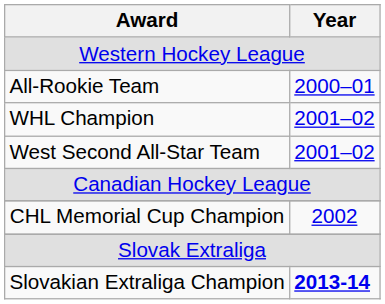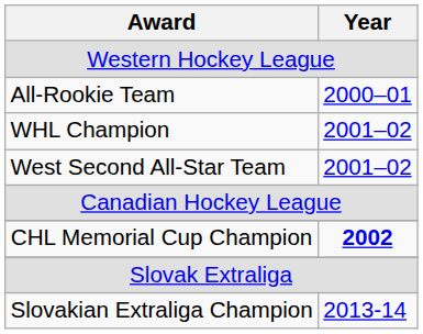 <table class="wikitable">
 <tr>
 <th>Award</th>
 <th>Year</th>
 </tr>
 <tr ALIGN="center" bgcolor="#e0e0e0">
 <td colspan="2"><a href='#'>Western Hockey League</a></td>
 </tr>
 <tr>
 <td>All-Rookie Team</td>
 <td><a href='#'>2000–01</a></td>
 </tr>
 <tr>
 <td>WHL Champion</td>
 <td><a href='#'>2001–02</a></td>
 </tr>
 <tr>
 <td>West Second All-Star Team</td>
 <td><a href='#'>2001–02</a></td>
 </tr>
 <tr ALIGN="center" bgcolor="#e0e0e0">
 <td colspan="2"><a href='#'>Canadian Hockey League</a></td>
 </tr>
 <tr>
 </tr>
 <tr align=center>
 <td>CHL Memorial Cup Champion</td>
-<td><a href='#'>2002</a></td>
+<td><strong><a href='#'>2002</a></strong></td>
 </tr>
 <tr>
 </tr>
 <tr ALIGN="center" bgcolor="#e0e0e0">
 <td colspan="2"><a href='#'>Slovak Extraliga</a></td>
 </tr>
 <tr>
 <td>Slovakian Extraliga Champion</td>
-<td><strong><a href='#'>2013-14</a></strong></td>
+<td><a href='#'>2013-14</a></td>
 </tr>
 </table>
